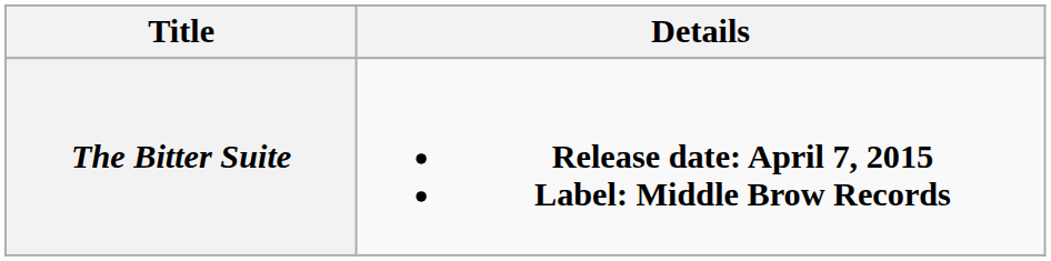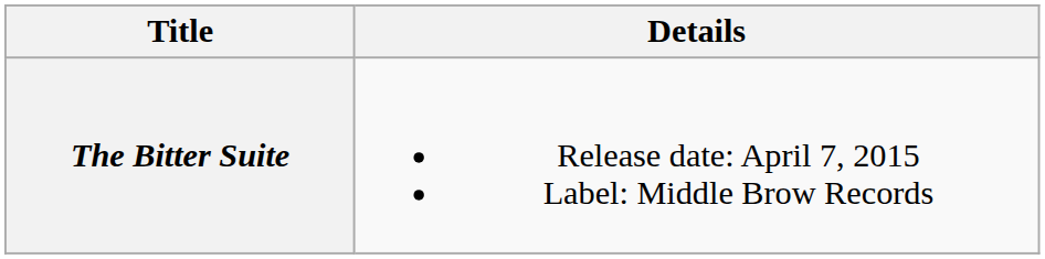 <table class="wikitable plainrowheaders" style="text-align:center;">
 <tr>
 <th style="width:10em;">Title</th>
 <th style="width:20em;">Details</th>
 </tr>
 <tr>
 <th scope="row"><em>The Bitter Suite</em></th>
-<td><strong><br><ul><li>Release date: April 7, 2015</li><li>Label: Middle Brow Records</li></ul></strong></td>
+<td><br><ul><li>Release date: April 7, 2015</li><li>Label: Middle Brow Records</li></ul></td>
 </tr>
 </table>
